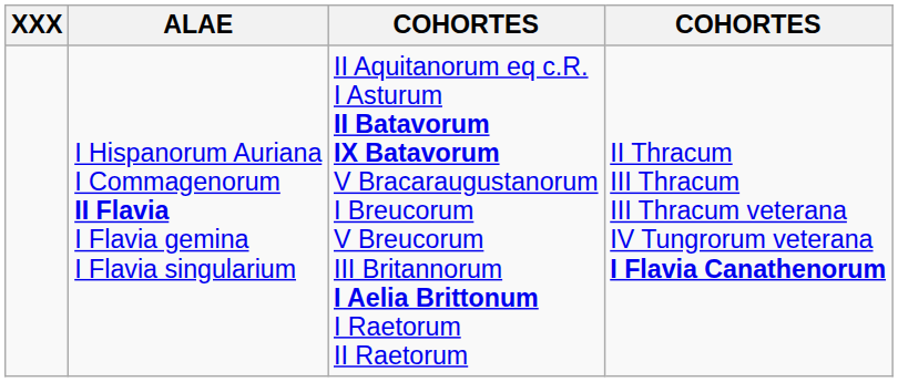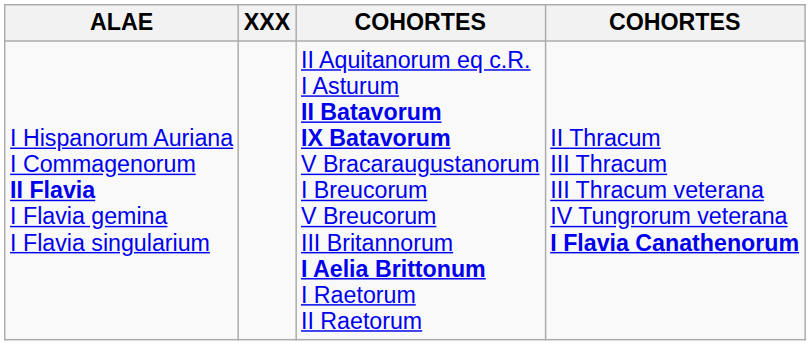 <table class=wikitable>
 <tr>
+<th>ALAE</th>
 <th>XXX</th>
-<th>ALAE</th>
 <th>COHORTES</th>
 <th>COHORTES</th>
 </tr>
 <tr>
+<td><a href='#'>I Hispanorum Auriana</a><br><a href='#'>I Commagenorum</a><br><strong><a href='#'>II Flavia</a></strong><br><a href='#'>I Flavia gemina</a> <br><a href='#'>I Flavia singularium</a></td>
 <td></td>
-<td><a href='#'>I Hispanorum Auriana</a><br><a href='#'>I Commagenorum</a><br><strong><a href='#'>II Flavia</a></strong><br><a href='#'>I Flavia gemina</a> <br><a href='#'>I Flavia singularium</a></td>
 <td><a href='#'>II Aquitanorum eq c.R.</a><br><a href='#'>I Asturum</a><br><strong><a href='#'>II Batavorum</a></strong><br><strong><a href='#'>IX Batavorum</a> </strong><br><a href='#'>V Bracaraugustanorum</a><br><a href='#'>I Breucorum</a> <br><a href='#'>V Breucorum</a>  <br><a href='#'>III Britannorum</a><br><strong><a href='#'>I Aelia Brittonum</a></strong><br><a href='#'>I Raetorum</a><br><a href='#'>II Raetorum</a></td>
 <td><a href='#'>II Thracum</a><br><a href='#'>III Thracum</a> <br><a href='#'>III Thracum veterana</a><br><a href='#'>IV Tungrorum veterana</a><br><strong><a href='#'>I Flavia Canathenorum</a></strong>  </td>
 </tr>
 </table>
